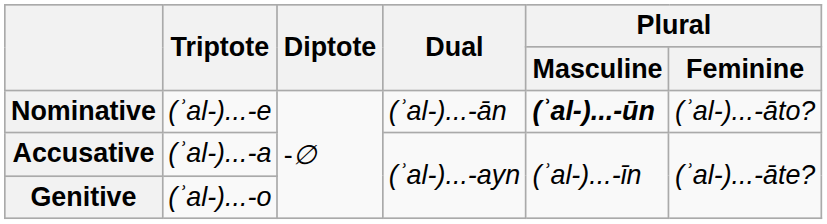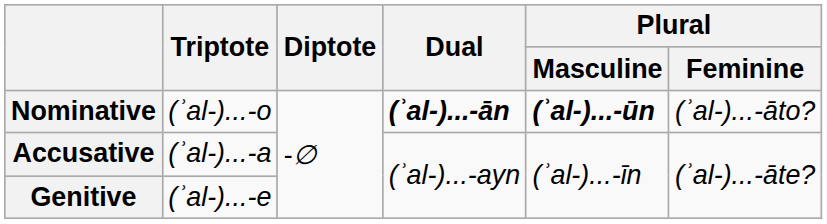 <table class="wikitable">
 <tr>
 <th rowspan=2></th>
 <th rowspan=2>Triptote</th>
 <th rowspan=2>Diptote</th>
 <th rowspan=2>Dual</th>
 <th colspan=2>Plural</th>
 </tr>
 <tr>
 <th>Masculine</th>
 <th>Feminine</th>
 </tr>
 <tr>
 <th>Nominative</th>
-<td><em>(ʾal-)...-e</em></td>
+<td><em>(ʾal-)...-o</em></td>
 <td rowspan="3">-<em>∅</em></td>
-<td><em>(ʾal-)...-ān</em></td>
+<td><strong><em>(ʾal-)...-ān</em></strong></td>
 <td><strong><em>(ʾal-)...-ūn</em></strong></td>
 <td><em>(ʾal-)...-āto?</em></td>
 </tr>
 <tr>
 <th>Accusative</th>
 <td><em>(ʾal-)...-a</em></td>
 <td rowspan="2"><em>(ʾal-)...-ayn</em></td>
 <td rowspan="2"><em>(ʾal-)...-īn</em></td>
 <td rowspan="2"><em>(ʾal-)...-āte?</em></td>
 </tr>
 <tr>
 <th>Genitive</th>
-<td><em>(ʾal-)...-o</em></td>
+<td><em>(ʾal-)...-e</em></td>
 </tr>
 </table>
